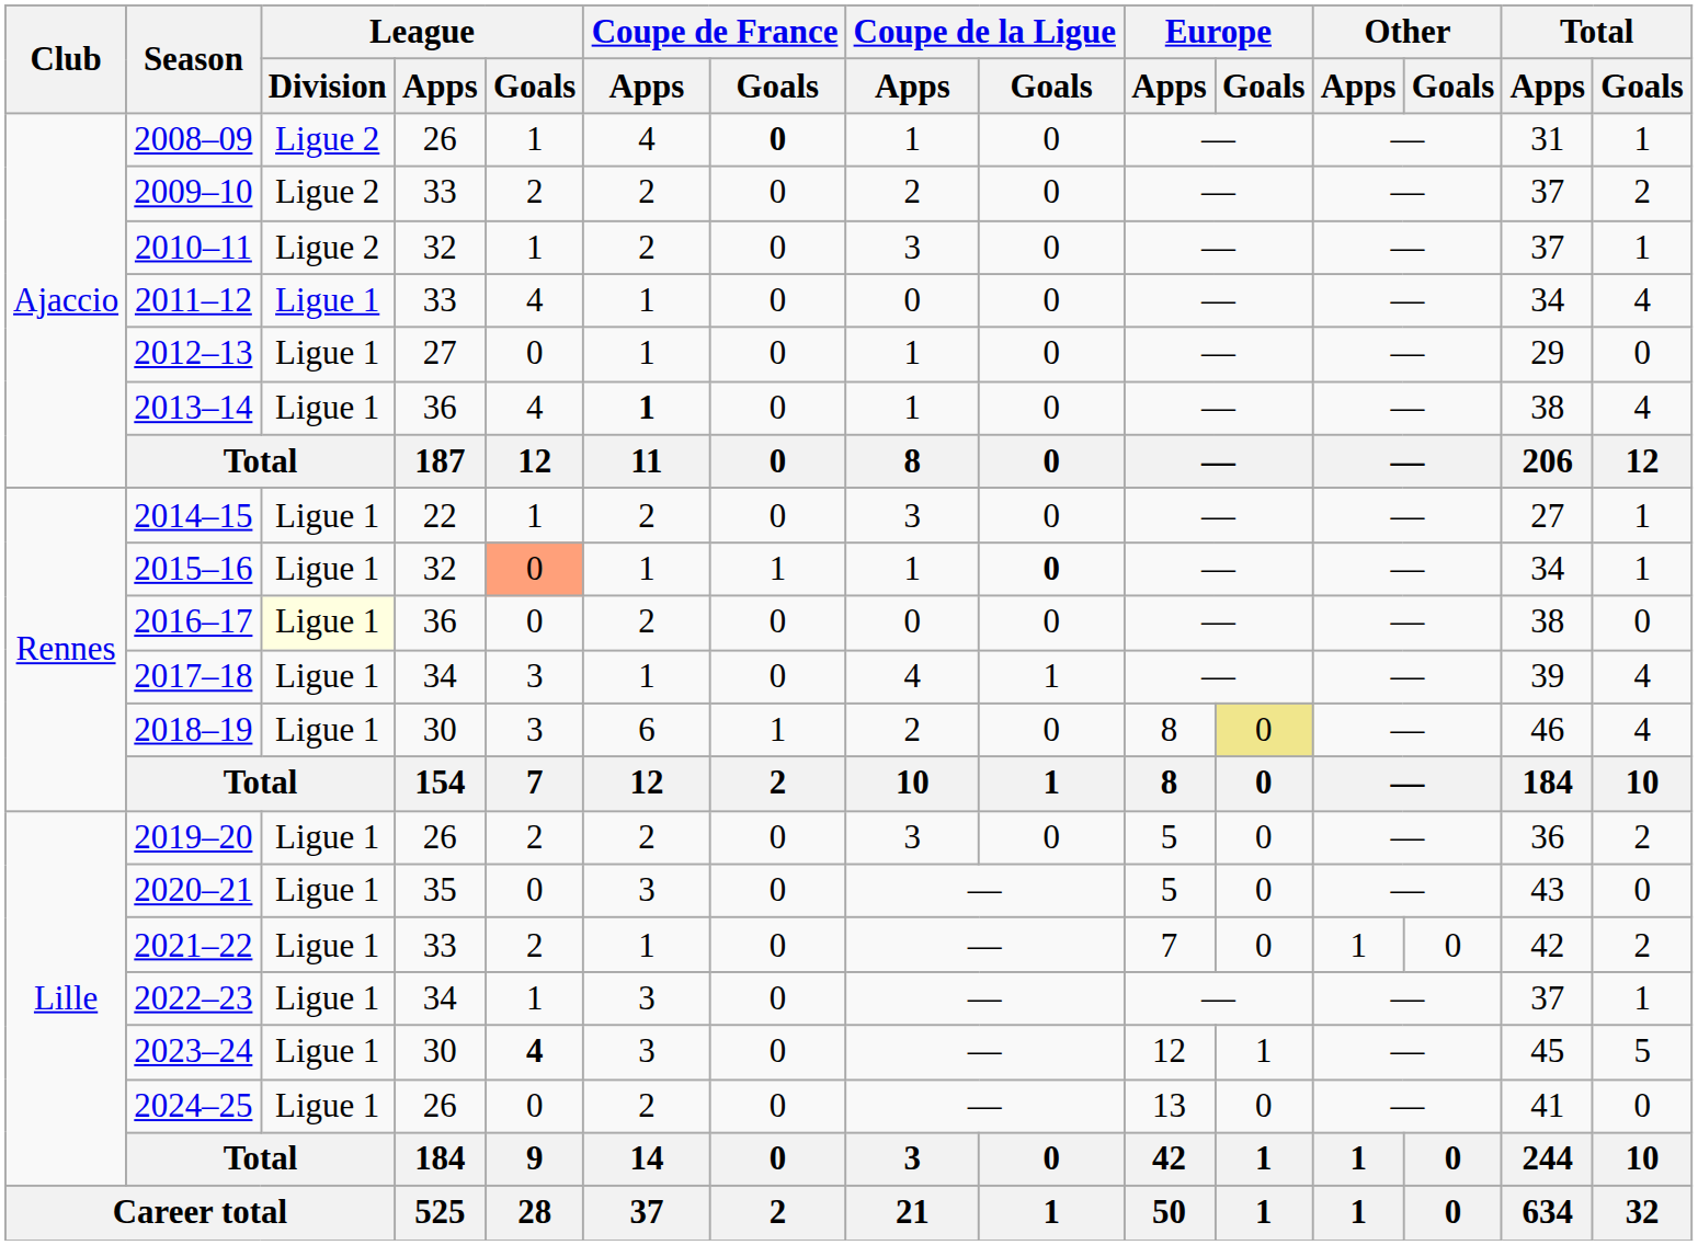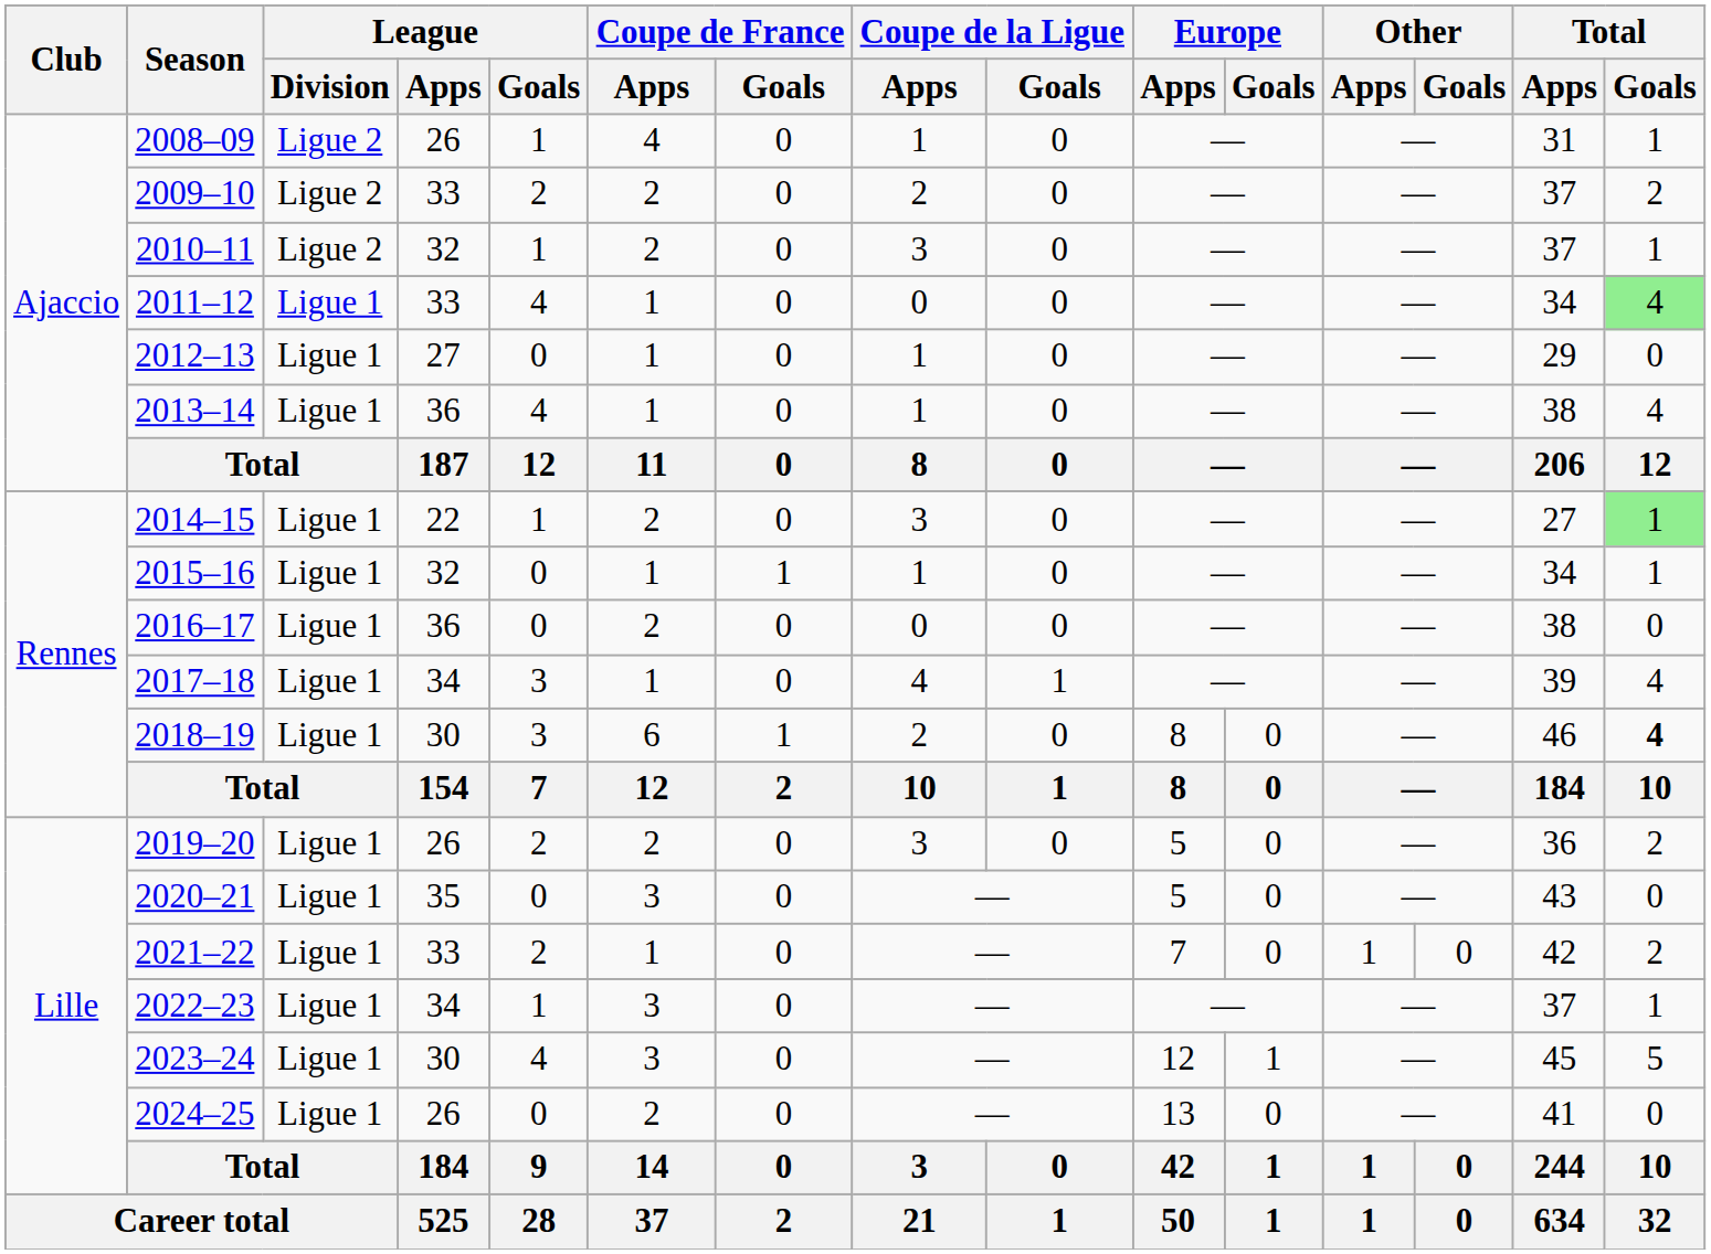 <table class="wikitable" style="text-align: center;">
 <tr>
 <th rowspan="2">Club</th>
 <th rowspan="2">Season</th>
 <th colspan="3">League</th>
 <th colspan="2"><a href='#'>Coupe de France</a></th>
 <th colspan="2"><a href='#'>Coupe de la Ligue</a></th>
 <th colspan="2"><a href='#'>Europe</a></th>
 <th colspan="2">Other</th>
 <th colspan="2">Total</th>
 </tr>
 <tr>
 <th>Division</th>
 <th>Apps</th>
 <th>Goals</th>
 <th>Apps</th>
 <th>Goals</th>
 <th>Apps</th>
 <th>Goals</th>
 <th>Apps</th>
 <th>Goals</th>
 <th>Apps</th>
 <th>Goals</th>
 <th>Apps</th>
 <th>Goals</th>
 </tr>
 <tr>
 <td rowspan="7"><a href='#'>Ajaccio</a></td>
 <td><a href='#'>2008–09</a></td>
 <td><a href='#'>Ligue 2</a></td>
 <td>26</td>
 <td>1</td>
 <td>4</td>
-<td><strong>0</strong></td>
+<td>0</td>
 <td>1</td>
 <td>0</td>
 <td colspan="2">—</td>
 <td colspan="2">—</td>
 <td>31</td>
 <td>1</td>
 </tr>
 <tr>
 <td><a href='#'>2009–10</a></td>
 <td>Ligue 2</td>
 <td>33</td>
 <td>2</td>
 <td>2</td>
 <td>0</td>
 <td>2</td>
 <td>0</td>
 <td colspan="2">—</td>
 <td colspan="2">—</td>
 <td>37</td>
 <td>2</td>
 </tr>
 <tr>
 <td><a href='#'>2010–11</a></td>
 <td>Ligue 2</td>
 <td>32</td>
 <td>1</td>
 <td>2</td>
 <td>0</td>
 <td>3</td>
 <td>0</td>
 <td colspan="2">—</td>
 <td colspan="2">—</td>
 <td>37</td>
 <td>1</td>
 </tr>
 <tr>
 <td><a href='#'>2011–12</a></td>
 <td><a href='#'>Ligue 1</a></td>
 <td>33</td>
 <td>4</td>
 <td>1</td>
 <td>0</td>
 <td>0</td>
 <td>0</td>
 <td colspan="2">—</td>
 <td colspan="2">—</td>
 <td>34</td>
-<td>4</td>
+<td style="background: lightgreen;">4</td>
 </tr>
 <tr>
 <td><a href='#'>2012–13</a></td>
 <td>Ligue 1</td>
 <td>27</td>
 <td>0</td>
 <td>1</td>
 <td>0</td>
 <td>1</td>
 <td>0</td>
 <td colspan="2">—</td>
 <td colspan="2">—</td>
 <td>29</td>
 <td>0</td>
 </tr>
 <tr>
 <td><a href='#'>2013–14</a></td>
 <td>Ligue 1</td>
 <td>36</td>
 <td>4</td>
-<td><strong>1</strong></td>
+<td>1</td>
 <td>0</td>
 <td>1</td>
 <td>0</td>
 <td colspan="2">—</td>
 <td colspan="2">—</td>
 <td>38</td>
 <td>4</td>
 </tr>
 <tr>
 <th colspan="2">Total</th>
 <th>187</th>
 <th>12</th>
 <th>11</th>
 <th>0</th>
 <th>8</th>
 <th>0</th>
 <th colspan="2">—</th>
 <th colspan="2">—</th>
 <th>206</th>
 <th>12</th>
 </tr>
 <tr>
 <td rowspan="6"><a href='#'>Rennes</a></td>
 <td><a href='#'>2014–15</a></td>
 <td>Ligue 1</td>
 <td>22</td>
 <td>1</td>
 <td>2</td>
 <td>0</td>
 <td>3</td>
 <td>0</td>
 <td colspan="2">—</td>
 <td colspan="2">—</td>
 <td>27</td>
-<td>1</td>
+<td style="background: lightgreen;">1</td>
 </tr>
 <tr>
 <td><a href='#'>2015–16</a></td>
 <td>Ligue 1</td>
 <td>32</td>
-<td style="background: lightsalmon;">0</td>
+<td>0</td>
 <td>1</td>
 <td>1</td>
 <td>1</td>
-<td><strong>0</strong></td>
+<td>0</td>
 <td colspan="2">—</td>
 <td colspan="2">—</td>
 <td>34</td>
 <td>1</td>
 </tr>
 <tr>
 <td><a href='#'>2016–17</a></td>
-<td style="background: lightyellow;">Ligue 1</td>
+<td>Ligue 1</td>
 <td>36</td>
 <td>0</td>
 <td>2</td>
 <td>0</td>
 <td>0</td>
 <td>0</td>
 <td colspan="2">—</td>
 <td colspan="2">—</td>
 <td>38</td>
 <td>0</td>
 </tr>
 <tr>
 <td><a href='#'>2017–18</a></td>
 <td>Ligue 1</td>
 <td>34</td>
 <td>3</td>
 <td>1</td>
 <td>0</td>
 <td>4</td>
 <td>1</td>
 <td colspan="2">—</td>
 <td colspan="2">—</td>
 <td>39</td>
 <td>4</td>
 </tr>
 <tr>
 <td><a href='#'>2018–19</a></td>
 <td>Ligue 1</td>
 <td>30</td>
 <td>3</td>
 <td>6</td>
 <td>1</td>
 <td>2</td>
 <td>0</td>
 <td>8</td>
-<td style="background: khaki;">0</td>
+<td>0</td>
 <td colspan="2">—</td>
 <td>46</td>
-<td>4</td>
+<td><strong>4</strong></td>
 </tr>
 <tr>
 <th colspan="2">Total</th>
 <th>154</th>
 <th>7</th>
 <th>12</th>
 <th>2</th>
 <th>10</th>
 <th>1</th>
 <th>8</th>
 <th>0</th>
 <th colspan="2">—</th>
 <th>184</th>
 <th>10</th>
 </tr>
 <tr>
 <td rowspan="7"><a href='#'>Lille</a></td>
 <td><a href='#'>2019–20</a></td>
 <td>Ligue 1</td>
 <td>26</td>
 <td>2</td>
 <td>2</td>
 <td>0</td>
 <td>3</td>
 <td>0</td>
 <td>5</td>
 <td>0</td>
 <td colspan="2">—</td>
 <td>36</td>
 <td>2</td>
 </tr>
 <tr>
 <td><a href='#'>2020–21</a></td>
 <td>Ligue 1</td>
 <td>35</td>
 <td>0</td>
 <td>3</td>
 <td>0</td>
 <td colspan="2">—</td>
 <td>5</td>
 <td>0</td>
 <td colspan="2">—</td>
 <td>43</td>
 <td>0</td>
 </tr>
 <tr>
 <td><a href='#'>2021–22</a></td>
 <td>Ligue 1</td>
 <td>33</td>
 <td>2</td>
 <td>1</td>
 <td>0</td>
 <td colspan="2">—</td>
 <td>7</td>
 <td>0</td>
 <td>1</td>
 <td>0</td>
 <td>42</td>
 <td>2</td>
 </tr>
 <tr>
 <td><a href='#'>2022–23</a></td>
 <td>Ligue 1</td>
 <td>34</td>
 <td>1</td>
 <td>3</td>
 <td>0</td>
 <td colspan="2">—</td>
 <td colspan="2">—</td>
 <td colspan="2">—</td>
 <td>37</td>
 <td>1</td>
 </tr>
 <tr>
 <td><a href='#'>2023–24</a></td>
 <td>Ligue 1</td>
 <td>30</td>
-<td><strong>4</strong></td>
+<td>4</td>
 <td>3</td>
 <td>0</td>
 <td colspan="2">—</td>
 <td>12</td>
 <td>1</td>
 <td colspan="2">—</td>
 <td>45</td>
 <td>5</td>
 </tr>
 <tr>
 <td><a href='#'>2024–25</a></td>
 <td>Ligue 1</td>
 <td>26</td>
 <td>0</td>
 <td>2</td>
 <td>0</td>
 <td colspan="2">—</td>
 <td>13</td>
 <td>0</td>
 <td colspan="2">—</td>
 <td>41</td>
 <td>0</td>
 </tr>
 <tr>
 <th colspan="2">Total</th>
 <th>184</th>
 <th>9</th>
 <th>14</th>
 <th>0</th>
 <th>3</th>
 <th>0</th>
 <th>42</th>
 <th>1</th>
 <th>1</th>
 <th>0</th>
 <th>244</th>
 <th>10</th>
 </tr>
 <tr>
 <th colspan="3">Career total</th>
 <th>525</th>
 <th>28</th>
 <th>37</th>
 <th>2</th>
 <th>21</th>
 <th>1</th>
 <th>50</th>
 <th>1</th>
 <th>1</th>
 <th>0</th>
 <th>634</th>
 <th>32</th>
 </tr>
 </table>
